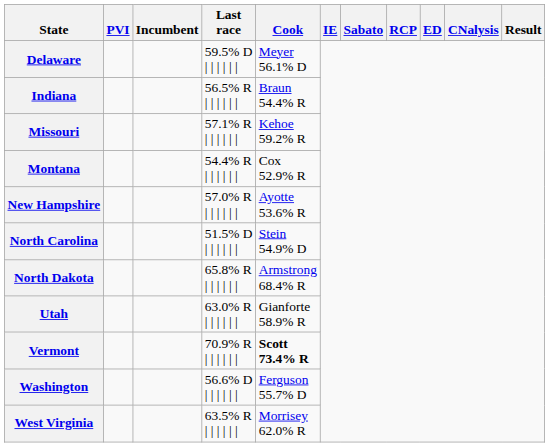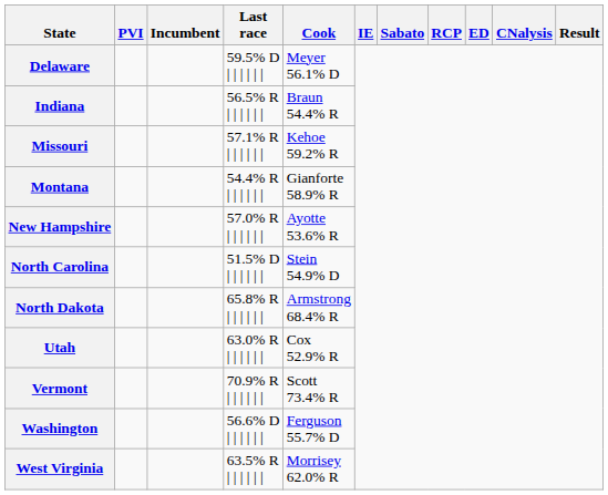 <table class="wikitable sortable">
 <tr valign=bottom>
 <th>State</th>
 <th><a href='#'>PVI</a></th>
 <th>Incumbent</th>
 <th>Last<br>race</th>
 <th scope="col"><a href='#'>Cook</a><br></th>
 <th><a href='#'>IE</a><br></th>
 <th><a href='#'>Sabato</a><br></th>
 <th><a href='#'>RCP</a><br></th>
 <th><a href='#'>ED</a><br></th>
 <th><a href='#'>CNalysis</a><br></th>
 <th>Result</th>
 </tr>
 <tr>
 <th><a href='#'>Delaware</a></th>
 <td></td>
 <td><br></td>
 <td>59.5% D<br>|  |  | | | |</td>
 <td><a href='#'>Meyer</a><br>56.1% D</td>
 </tr>
 <tr>
 <th><a href='#'>Indiana</a></th>
 <td></td>
 <td><br></td>
 <td>56.5% R<br>|  |  | |  |   |</td>
 <td><a href='#'>Braun</a><br>54.4% R</td>
 </tr>
 <tr>
 <th><a href='#'>Missouri</a></th>
 <td></td>
 <td><br></td>
 <td>57.1% R<br>|  |  |  |  |  |</td>
 <td><a href='#'>Kehoe</a><br>59.2% R</td>
 </tr>
 <tr>
 <th><a href='#'>Montana</a></th>
 <td></td>
 <td></td>
 <td>54.4% R<br>|  |  |  |  |  |</td>
-<td>Cox<br>52.9% R</td>
+<td>Gianforte<br>58.9% R</td>
 </tr>
 <tr>
 <th><a href='#'>New Hampshire</a></th>
 <td></td>
 <td><br></td>
 <td>57.0% R<br>|  |  |  |  |  | </td>
 <td><a href='#'>Ayotte</a><br>53.6% R</td>
 </tr>
 <tr>
 <th><a href='#'>North Carolina</a></th>
 <td></td>
 <td><br></td>
 <td>51.5% D<br>|  |  |  |  |  |</td>
 <td><a href='#'>Stein</a><br>54.9% D</td>
 </tr>
 <tr>
 <th><a href='#'>North Dakota</a></th>
 <td></td>
 <td><br></td>
 <td>65.8% R<br>|  |  |  |  |  |</td>
 <td><a href='#'>Armstrong</a><br>68.4% R</td>
 </tr>
 <tr>
 <th><a href='#'>Utah</a></th>
 <td></td>
 <td></td>
 <td>63.0% R<br>|  |  |  |  |  |</td>
-<td>Gianforte<br>58.9% R</td>
+<td>Cox<br>52.9% R</td>
 </tr>
 <tr>
 <th><a href='#'>Vermont</a></th>
 <td></td>
 <td></td>
 <td>70.9% R<br>|  |  |  |  |  |</td>
-<td><strong>Scott<br>73.4% R</strong></td>
+<td>Scott<br>73.4% R</td>
 </tr>
 <tr>
 <th><a href='#'>Washington</a></th>
 <td></td>
 <td><br></td>
 <td>56.6% D<br>|  |  |  |  |  |</td>
 <td><a href='#'>Ferguson</a><br>55.7% D</td>
 </tr>
 <tr>
 <th><a href='#'>West Virginia</a></th>
 <td></td>
 <td><br></td>
 <td>63.5% R<br>|  |  |  |  |  |</td>
 <td><a href='#'>Morrisey</a><br>62.0% R</td>
 </tr>
 </table>
